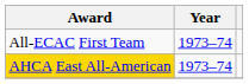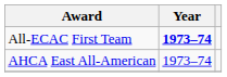 <table class="wikitable">
 <tr>
 <th>Award</th>
 <th>Year</th>
 <th></th>
 </tr>
 <tr>
 <td>All-<a href='#'>ECAC</a> <a href='#'>First Team</a></td>
-<td><a href='#'>1973–74</a></td>
+<td><strong><a href='#'>1973–74</a></strong></td>
 <td></td>
 </tr>
 <tr>
-<td style="background: gold;"><a href='#'>AHCA</a> <a href='#'>East All-American</a></td>
+<td><a href='#'>AHCA</a> <a href='#'>East All-American</a></td>
 <td><a href='#'>1973–74</a></td>
 <td></td>
 </tr>
 <tr>
 </tr>
 </table>
